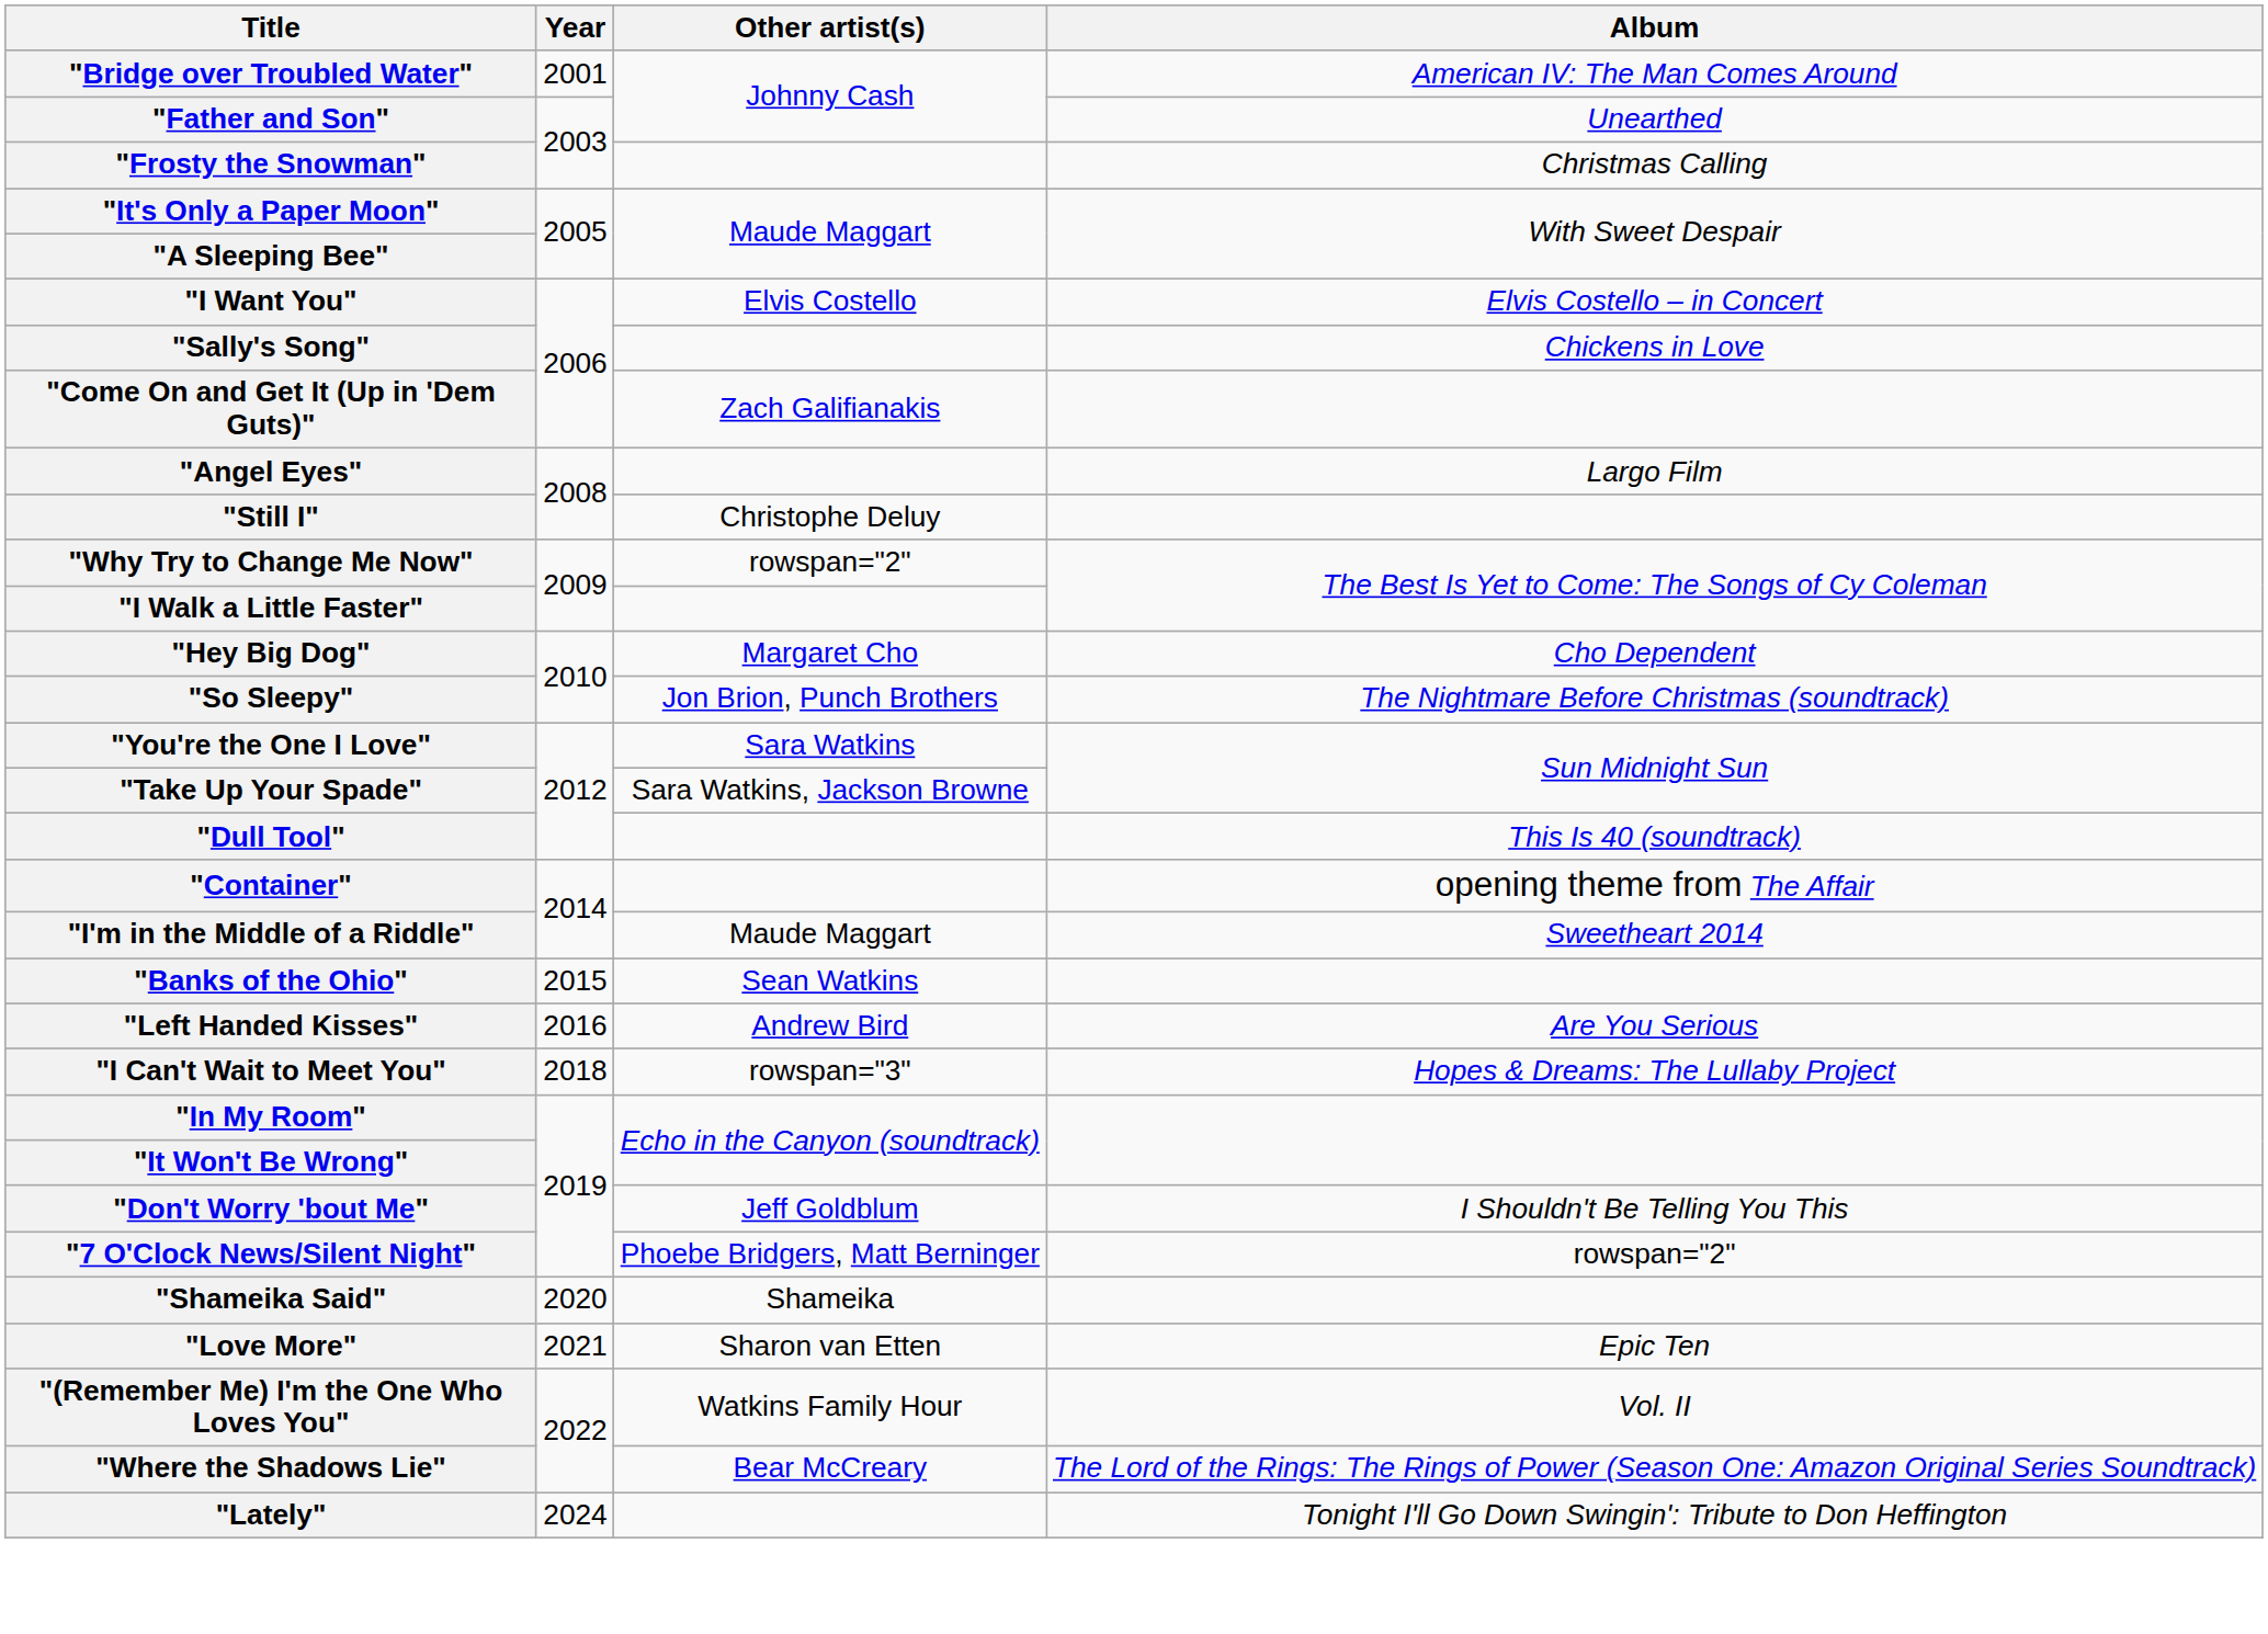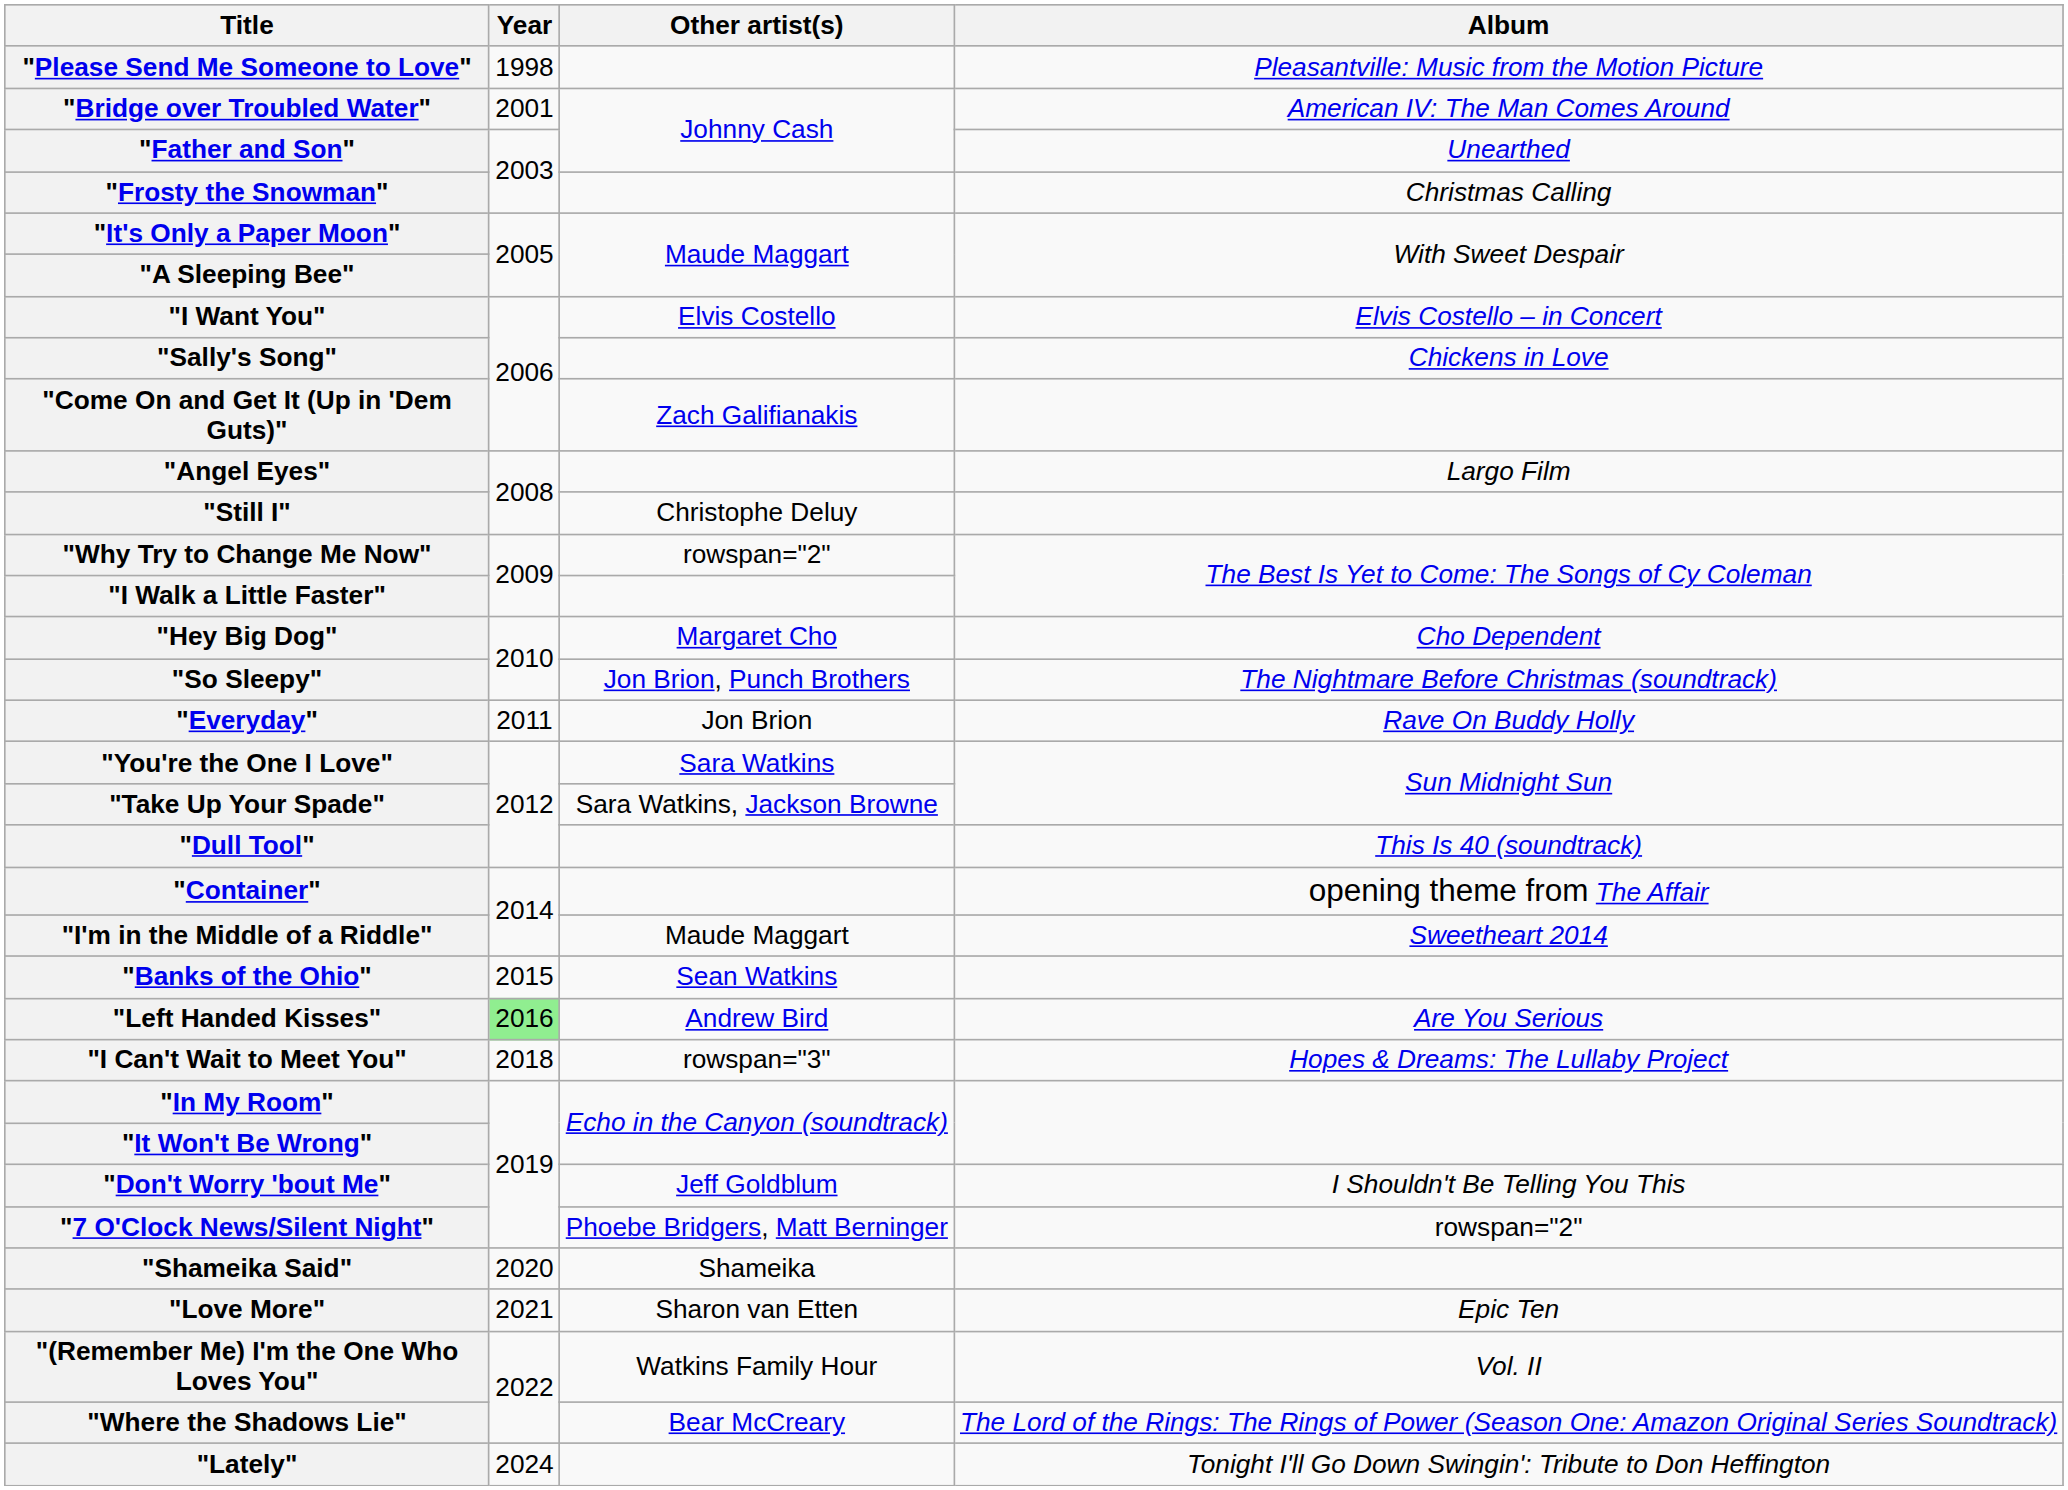 <table class="wikitable plainrowheaders" style="text-align:center;">
 <tr>
 <th scope="col" style="width:18em;">Title</th>
 <th scope="col">Year</th>
 <th scope="col">Other artist(s)</th>
 <th scope="col">Album</th>
+</tr>
+<tr>
+<th>"<a href='#'>Please Send Me Someone to Love</a>"</th>
+<td>1998</td>
+<td></td>
+<td><em><a href='#'>Pleasantville: Music from the Motion Picture</a></em></td>
 </tr>
 <tr>
 <th>"<a href='#'>Bridge over Troubled Water</a>"</th>
 <td>2001</td>
 <td rowspan="2"><a href='#'>Johnny Cash</a></td>
 <td><em><a href='#'>American IV: The Man Comes Around</a></em></td>
 </tr>
 <tr>
 <th>"<a href='#'>Father and Son</a>"</th>
 <td rowspan="2">2003</td>
 <td><em><a href='#'>Unearthed</a></em></td>
 </tr>
 <tr>
 <th>"<a href='#'>Frosty the Snowman</a>"</th>
 <td></td>
 <td><em>Christmas Calling</em></td>
 </tr>
 <tr>
 <th>"<a href='#'>It's Only a Paper Moon</a>"</th>
 <td rowspan="2">2005</td>
 <td rowspan="2"><a href='#'>Maude Maggart</a></td>
 <td rowspan="2"><em>With Sweet Despair</em></td>
 </tr>
 <tr>
 <th>"A Sleeping Bee"</th>
 </tr>
 <tr>
 <th>"I Want You"</th>
 <td rowspan="3">2006</td>
 <td><a href='#'>Elvis Costello</a></td>
 <td><em><a href='#'>Elvis Costello – in Concert</a></em></td>
 </tr>
 <tr>
 <th>"Sally's Song"</th>
 <td></td>
 <td><em><a href='#'>Chickens in Love</a></em></td>
 </tr>
 <tr>
 <th>"Come On and Get It (Up in 'Dem Guts)"</th>
 <td><a href='#'>Zach Galifianakis</a></td>
 <td></td>
 </tr>
 <tr>
 <th>"Angel Eyes"</th>
 <td rowspan="2">2008</td>
 <td></td>
 <td><em>Largo Film</em></td>
 </tr>
 <tr>
 <th>"Still I"</th>
 <td>Christophe Deluy</td>
 <td></td>
 </tr>
 <tr>
 <th>"Why Try to Change Me Now"</th>
 <td rowspan="2">2009</td>
 <td>rowspan="2" </td>
 <td rowspan="2"><em><a href='#'>The Best Is Yet to Come: The Songs of Cy Coleman</a></em></td>
 </tr>
 <tr>
 <th>"I Walk a Little Faster"</th>
 </tr>
 <tr>
 <th>"Hey Big Dog"</th>
 <td rowspan="2">2010</td>
 <td><a href='#'>Margaret Cho</a></td>
 <td><em><a href='#'>Cho Dependent</a></em></td>
 </tr>
 <tr>
 <th>"So Sleepy"</th>
 <td><a href='#'>Jon Brion</a>, <a href='#'>Punch Brothers</a></td>
 <td><em><a href='#'>The Nightmare Before Christmas (soundtrack)</a></em></td>
 </tr>
 <tr>
+<th>"<a href='#'>Everyday</a>"</th>
+<td>2011</td>
+<td>Jon Brion</td>
+<td><em><a href='#'>Rave On Buddy Holly</a></em></td>
+</tr>
+<tr>
 <th>"You're the One I Love"</th>
 <td rowspan="3">2012</td>
 <td><a href='#'>Sara Watkins</a></td>
 <td rowspan="2"><em><a href='#'>Sun Midnight Sun</a></em></td>
 </tr>
 <tr>
 <th>"Take Up Your Spade"</th>
 <td>Sara Watkins, <a href='#'>Jackson Browne</a></td>
 </tr>
 <tr>
 <th>"<a href='#'>Dull Tool</a>"</th>
 <td></td>
 <td><em><a href='#'>This Is 40 (soundtrack)</a></em></td>
 </tr>
 <tr>
 <th>"<a href='#'>Container</a>"</th>
 <td rowspan="2">2014</td>
 <td></td>
 <td><big>opening theme from</big> <em><a href='#'>The Affair</a></em></td>
 </tr>
 <tr>
 <th>"I'm in the Middle of a Riddle"</th>
 <td>Maude Maggart</td>
 <td><em><a href='#'>Sweetheart 2014</a></em></td>
 </tr>
 <tr>
 <th>"<a href='#'>Banks of the Ohio</a>"</th>
 <td>2015</td>
 <td><a href='#'>Sean Watkins</a></td>
 <td></td>
 </tr>
 <tr>
 <th>"Left Handed Kisses"</th>
-<td>2016</td>
+<td style="background: lightgreen;">2016</td>
 <td><a href='#'>Andrew Bird</a></td>
 <td><em><a href='#'>Are You Serious</a></em></td>
 </tr>
 <tr>
 <th>"I Can't Wait to Meet You"</th>
 <td>2018</td>
 <td>rowspan="3" </td>
 <td><em><a href='#'>Hopes & Dreams: The Lullaby Project</a></em></td>
 </tr>
 <tr>
 <th>"<a href='#'>In My Room</a>"</th>
 <td rowspan="4">2019</td>
 <td rowspan="2"><em><a href='#'>Echo in the Canyon (soundtrack)</a></em></td>
 </tr>
 <tr>
 <th>"<a href='#'>It Won't Be Wrong</a>"</th>
 </tr>
 <tr>
 <th>"<a href='#'>Don't Worry 'bout Me</a>"</th>
 <td><a href='#'>Jeff Goldblum</a></td>
 <td><em>I Shouldn't Be Telling You This</em></td>
 </tr>
 <tr>
 <th>"<a href='#'>7 O'Clock News/Silent Night</a>"</th>
 <td><a href='#'>Phoebe Bridgers</a>, <a href='#'>Matt Berninger</a></td>
 <td>rowspan="2" </td>
 </tr>
 <tr>
 <th>"Shameika Said"</th>
 <td>2020</td>
 <td>Shameika</td>
 </tr>
 <tr>
 <th>"Love More"</th>
 <td>2021</td>
 <td>Sharon van Etten</td>
 <td><em>Epic Ten</em></td>
 </tr>
 <tr>
 <th>"(Remember Me) I'm the One Who Loves You"</th>
 <td rowspan="2">2022</td>
 <td>Watkins Family Hour</td>
 <td><em>Vol. II</em></td>
 </tr>
 <tr>
 <th>"Where the Shadows Lie"</th>
 <td><a href='#'>Bear McCreary</a></td>
 <td><em><a href='#'>The Lord of the Rings: The Rings of Power (Season One: Amazon Original Series Soundtrack)</a></em></td>
 </tr>
 <tr>
 <th>"Lately"</th>
 <td>2024</td>
 <td></td>
 <td><em>Tonight I'll Go Down Swingin': Tribute to Don Heffington</em></td>
 </tr>
 </table>
